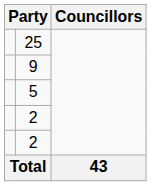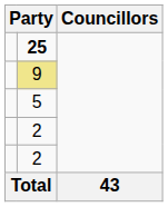 <table class="wikitable">
 <tr>
 <th colspan=2>Party</th>
 <th>Councillors</th>
 </tr>
 <tr>
 <td></td>
-<td align=center>25</td>
+<td align=center><strong>25</strong></td>
 </tr>
 <tr>
 <td></td>
-<td align=center>9</td>
+<td align=center style="background: khaki;">9</td>
 </tr>
 <tr>
 <td></td>
 <td align=center>5</td>
 </tr>
 <tr>
 <td></td>
 <td align=center>2</td>
 </tr>
 <tr>
 <td></td>
 <td align=center>2</td>
 </tr>
 <tr>
 <th colspan=2>Total</th>
 <th align=center>43</th>
 </tr>
 </table>
